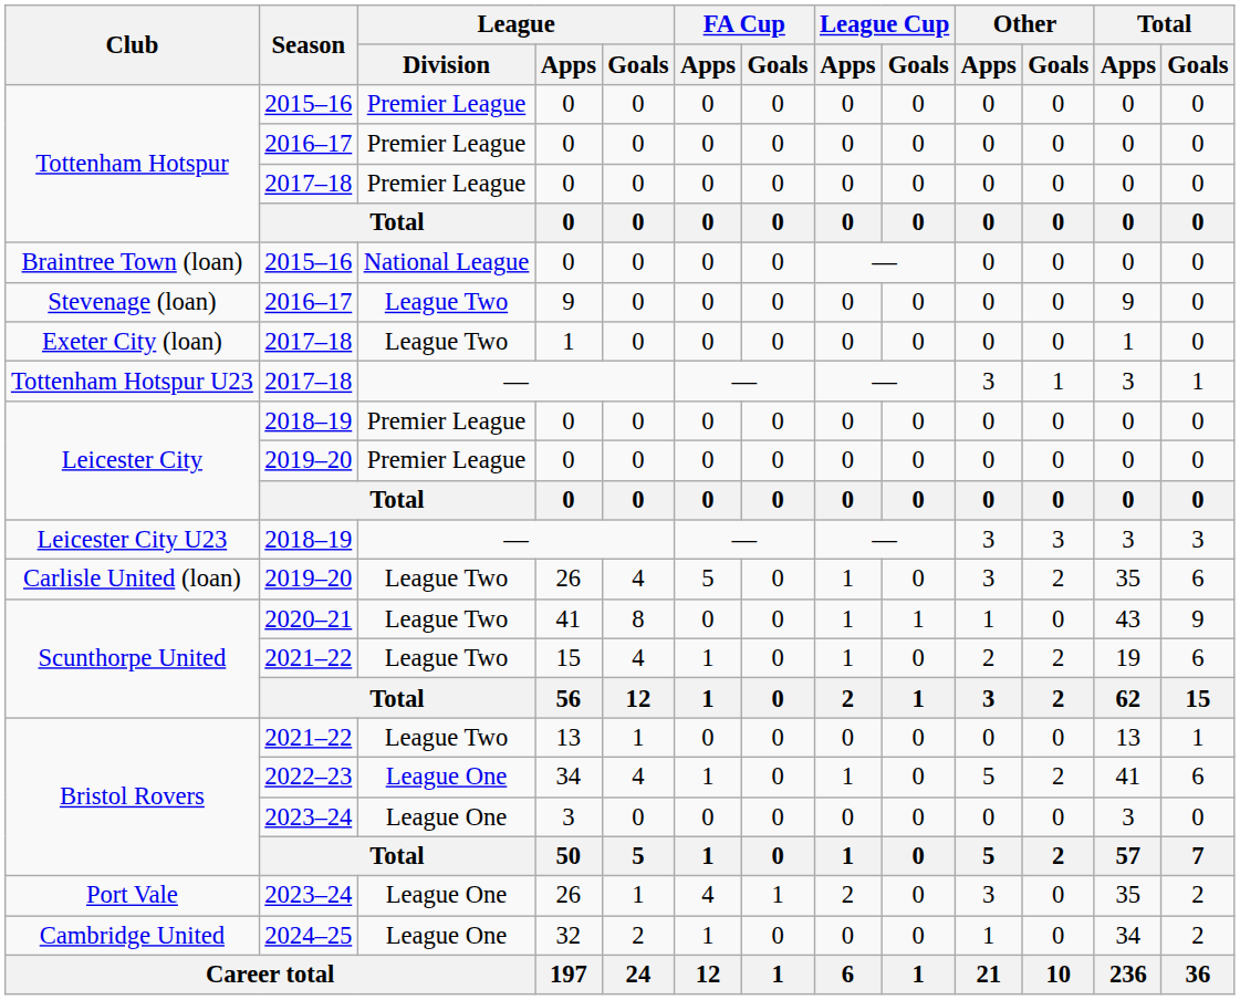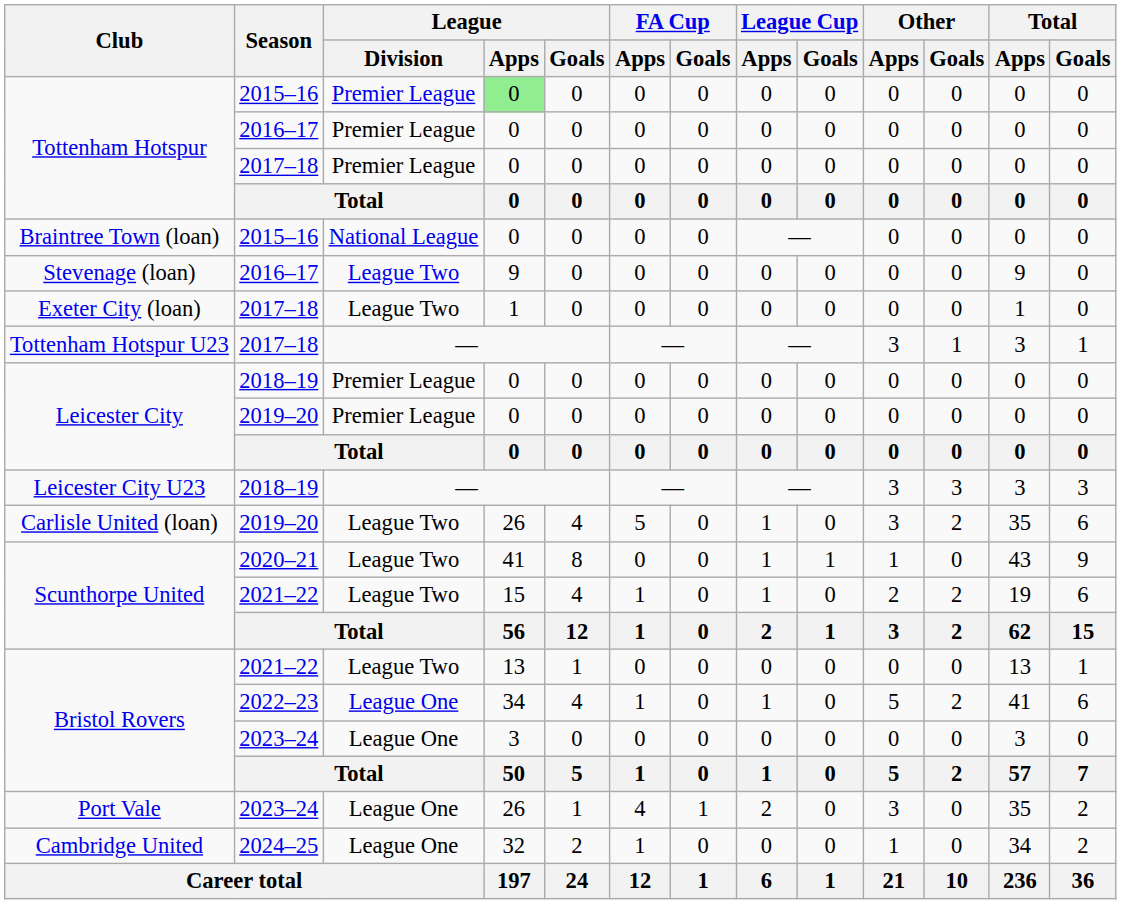 <table class="wikitable" style="text-align: center">
 <tr>
 <th rowspan="2">Club</th>
 <th rowspan="2">Season</th>
 <th colspan="3">League</th>
 <th colspan="2"><a href='#'>FA Cup</a></th>
 <th colspan="2"><a href='#'>League Cup</a></th>
 <th colspan="2">Other</th>
 <th colspan="2">Total</th>
 </tr>
 <tr>
 <th>Division</th>
 <th>Apps</th>
 <th>Goals</th>
 <th>Apps</th>
 <th>Goals</th>
 <th>Apps</th>
 <th>Goals</th>
 <th>Apps</th>
 <th>Goals</th>
 <th>Apps</th>
 <th>Goals</th>
 </tr>
 <tr>
 <td rowspan="4"><a href='#'>Tottenham Hotspur</a></td>
 <td><a href='#'>2015–16</a></td>
 <td><a href='#'>Premier League</a></td>
-<td>0</td>
+<td style="background: lightgreen;">0</td>
 <td>0</td>
 <td>0</td>
 <td>0</td>
 <td>0</td>
 <td>0</td>
 <td>0</td>
 <td>0</td>
 <td>0</td>
 <td>0</td>
 </tr>
 <tr>
 <td><a href='#'>2016–17</a></td>
 <td>Premier League</td>
 <td>0</td>
 <td>0</td>
 <td>0</td>
 <td>0</td>
 <td>0</td>
 <td>0</td>
 <td>0</td>
 <td>0</td>
 <td>0</td>
 <td>0</td>
 </tr>
 <tr>
 <td><a href='#'>2017–18</a></td>
 <td>Premier League</td>
 <td>0</td>
 <td>0</td>
 <td>0</td>
 <td>0</td>
 <td>0</td>
 <td>0</td>
 <td>0</td>
 <td>0</td>
 <td>0</td>
 <td>0</td>
 </tr>
 <tr>
 <th colspan="2">Total</th>
 <th>0</th>
 <th>0</th>
 <th>0</th>
 <th>0</th>
 <th>0</th>
 <th>0</th>
 <th>0</th>
 <th>0</th>
 <th>0</th>
 <th>0</th>
 </tr>
 <tr>
 <td><a href='#'>Braintree Town</a> (loan)</td>
 <td><a href='#'>2015–16</a></td>
 <td><a href='#'>National League</a></td>
 <td>0</td>
 <td>0</td>
 <td>0</td>
 <td>0</td>
 <td colspan="2">—</td>
 <td>0</td>
 <td>0</td>
 <td>0</td>
 <td>0</td>
 </tr>
 <tr>
 <td><a href='#'>Stevenage</a> (loan)</td>
 <td><a href='#'>2016–17</a></td>
 <td><a href='#'>League Two</a></td>
 <td>9</td>
 <td>0</td>
 <td>0</td>
 <td>0</td>
 <td>0</td>
 <td>0</td>
 <td>0</td>
 <td>0</td>
 <td>9</td>
 <td>0</td>
 </tr>
 <tr>
 <td><a href='#'>Exeter City</a> (loan)</td>
 <td><a href='#'>2017–18</a></td>
 <td>League Two</td>
 <td>1</td>
 <td>0</td>
 <td>0</td>
 <td>0</td>
 <td>0</td>
 <td>0</td>
 <td>0</td>
 <td>0</td>
 <td>1</td>
 <td>0</td>
 </tr>
 <tr>
 <td><a href='#'>Tottenham Hotspur U23</a></td>
 <td><a href='#'>2017–18</a></td>
 <td colspan=3>—</td>
 <td colspan=2>—</td>
 <td colspan=2>—</td>
 <td>3</td>
 <td>1</td>
 <td>3</td>
 <td>1</td>
 </tr>
 <tr>
 <td rowspan="3"><a href='#'>Leicester City</a></td>
 <td><a href='#'>2018–19</a></td>
 <td>Premier League</td>
 <td>0</td>
 <td>0</td>
 <td>0</td>
 <td>0</td>
 <td>0</td>
 <td>0</td>
 <td>0</td>
 <td>0</td>
 <td>0</td>
 <td>0</td>
 </tr>
 <tr>
 <td><a href='#'>2019–20</a></td>
 <td>Premier League</td>
 <td>0</td>
 <td>0</td>
 <td>0</td>
 <td>0</td>
 <td>0</td>
 <td>0</td>
 <td>0</td>
 <td>0</td>
 <td>0</td>
 <td>0</td>
 </tr>
 <tr>
 <th colspan="2">Total</th>
 <th>0</th>
 <th>0</th>
 <th>0</th>
 <th>0</th>
 <th>0</th>
 <th>0</th>
 <th>0</th>
 <th>0</th>
 <th>0</th>
 <th>0</th>
 </tr>
 <tr>
 <td><a href='#'>Leicester City U23</a></td>
 <td><a href='#'>2018–19</a></td>
 <td colspan=3>—</td>
 <td colspan=2>—</td>
 <td colspan=2>—</td>
 <td>3</td>
 <td>3</td>
 <td>3</td>
 <td>3</td>
 </tr>
 <tr>
 <td><a href='#'>Carlisle United</a> (loan)</td>
 <td><a href='#'>2019–20</a></td>
 <td>League Two</td>
 <td>26</td>
 <td>4</td>
 <td>5</td>
 <td>0</td>
 <td>1</td>
 <td>0</td>
 <td>3</td>
 <td>2</td>
 <td>35</td>
 <td>6</td>
 </tr>
 <tr>
 <td rowspan=3><a href='#'>Scunthorpe United</a></td>
 <td><a href='#'>2020–21</a></td>
 <td>League Two</td>
 <td>41</td>
 <td>8</td>
 <td>0</td>
 <td>0</td>
 <td>1</td>
 <td>1</td>
 <td>1</td>
 <td>0</td>
 <td>43</td>
 <td>9</td>
 </tr>
 <tr>
 <td><a href='#'>2021–22</a></td>
 <td>League Two</td>
 <td>15</td>
 <td>4</td>
 <td>1</td>
 <td>0</td>
 <td>1</td>
 <td>0</td>
 <td>2</td>
 <td>2</td>
 <td>19</td>
 <td>6</td>
 </tr>
 <tr>
 <th colspan="2">Total</th>
 <th>56</th>
 <th>12</th>
 <th>1</th>
 <th>0</th>
 <th>2</th>
 <th>1</th>
 <th>3</th>
 <th>2</th>
 <th>62</th>
 <th>15</th>
 </tr>
 <tr>
 <td rowspan="4"><a href='#'>Bristol Rovers</a></td>
 <td><a href='#'>2021–22</a></td>
 <td>League Two</td>
 <td>13</td>
 <td>1</td>
 <td>0</td>
 <td>0</td>
 <td>0</td>
 <td>0</td>
 <td>0</td>
 <td>0</td>
 <td>13</td>
 <td>1</td>
 </tr>
 <tr>
 <td><a href='#'>2022–23</a></td>
 <td><a href='#'>League One</a></td>
 <td>34</td>
 <td>4</td>
 <td>1</td>
 <td>0</td>
 <td>1</td>
 <td>0</td>
 <td>5</td>
 <td>2</td>
 <td>41</td>
 <td>6</td>
 </tr>
 <tr>
 <td><a href='#'>2023–24</a></td>
 <td>League One</td>
 <td>3</td>
 <td>0</td>
 <td>0</td>
 <td>0</td>
 <td>0</td>
 <td>0</td>
 <td>0</td>
 <td>0</td>
 <td>3</td>
 <td>0</td>
 </tr>
 <tr>
 <th colspan="2">Total</th>
 <th>50</th>
 <th>5</th>
 <th>1</th>
 <th>0</th>
 <th>1</th>
 <th>0</th>
 <th>5</th>
 <th>2</th>
 <th>57</th>
 <th>7</th>
 </tr>
 <tr>
 <td><a href='#'>Port Vale</a></td>
 <td><a href='#'>2023–24</a></td>
 <td>League One</td>
 <td>26</td>
 <td>1</td>
 <td>4</td>
 <td>1</td>
 <td>2</td>
 <td>0</td>
 <td>3</td>
 <td>0</td>
 <td>35</td>
 <td>2</td>
 </tr>
 <tr>
 <td><a href='#'>Cambridge United</a></td>
 <td><a href='#'>2024–25</a></td>
 <td>League One</td>
 <td>32</td>
 <td>2</td>
 <td>1</td>
 <td>0</td>
 <td>0</td>
 <td>0</td>
 <td>1</td>
 <td>0</td>
 <td>34</td>
 <td>2</td>
 </tr>
 <tr>
 <th colspan="3">Career total</th>
 <th>197</th>
 <th>24</th>
 <th>12</th>
 <th>1</th>
 <th>6</th>
 <th>1</th>
 <th>21</th>
 <th>10</th>
 <th>236</th>
 <th>36</th>
 </tr>
 </table>
